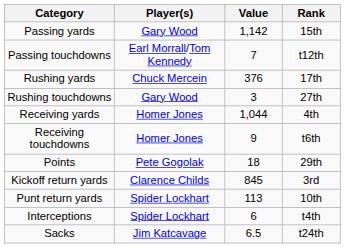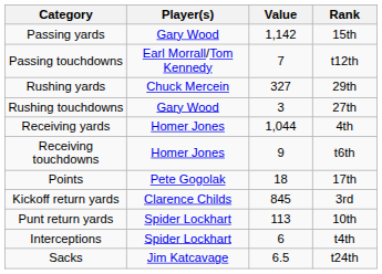 <table class="wikitable" style="text-align:center">
 <tr>
 <th width=150px>Category</th>
 <th width=150px>Player(s)</th>
 <th width=75px>Value</th>
 <th width=75px>Rank</th>
 </tr>
 <tr>
 <td>Passing yards</td>
 <td><a href='#'>Gary Wood</a></td>
 <td>1,142</td>
 <td>15th</td>
 </tr>
 <tr>
 <td>Passing touchdowns</td>
 <td><a href='#'>Earl Morrall</a>/<a href='#'>Tom Kennedy</a></td>
 <td>7</td>
 <td>t12th</td>
 </tr>
 <tr>
 <td>Rushing yards</td>
 <td><a href='#'>Chuck Mercein</a></td>
-<td>376</td>
-<td>17th</td>
+<td>327</td>
+<td>29th</td>
 </tr>
 <tr>
 <td>Rushing touchdowns</td>
 <td><a href='#'>Gary Wood</a></td>
 <td>3</td>
 <td>27th</td>
 </tr>
 <tr>
 <td>Receiving yards</td>
 <td><a href='#'>Homer Jones</a></td>
 <td>1,044</td>
 <td>4th</td>
 </tr>
 <tr>
 <td>Receiving touchdowns</td>
 <td><a href='#'>Homer Jones</a></td>
 <td>9</td>
 <td>t6th</td>
 </tr>
 <tr>
 <td>Points</td>
 <td><a href='#'>Pete Gogolak</a></td>
 <td>18</td>
-<td>29th</td>
+<td>17th</td>
 </tr>
 <tr>
 <td>Kickoff return yards</td>
 <td><a href='#'>Clarence Childs</a></td>
 <td>845</td>
 <td>3rd</td>
 </tr>
 <tr>
 <td>Punt return yards</td>
 <td><a href='#'>Spider Lockhart</a></td>
 <td>113</td>
 <td>10th</td>
 </tr>
 <tr>
 <td>Interceptions</td>
 <td><a href='#'>Spider Lockhart</a></td>
 <td>6</td>
 <td>t4th</td>
 </tr>
 <tr>
 <td>Sacks</td>
 <td><a href='#'>Jim Katcavage</a></td>
 <td>6.5</td>
 <td>t24th</td>
 </tr>
 </table>
